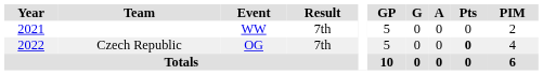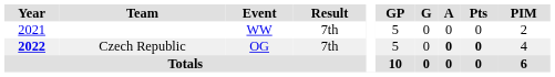 <table border="0" cellpadding="1" cellspacing="0" style="text-align:center; width:40em">
 <tr ALIGN="centre" bgcolor="#e0e0e0">
 <th>Year</th>
 <th>Team</th>
 <th>Event</th>
 <th>Result</th>
 <th rowspan="99" bgcolor="#ffffff"> </th>
 <th>GP</th>
 <th>G</th>
 <th>A</th>
 <th>Pts</th>
 <th>PIM</th>
 </tr>
 <tr>
 <td><a href='#'>2021</a></td>
 <td></td>
 <td><a href='#'>WW</a></td>
 <td>7th</td>
 <td>5</td>
 <td>0</td>
 <td>0</td>
 <td>0</td>
 <td>2</td>
 </tr>
 <tr bgcolor="#f0f0f0">
-<td><a href='#'>2022</a></td>
+<td><strong><a href='#'>2022</a></strong></td>
 <td>Czech Republic</td>
 <td><a href='#'>OG</a></td>
 <td>7th</td>
 <td>5</td>
 <td>0</td>
-<td>0</td>
+<td><strong>0</strong></td>
 <td><strong>0</strong></td>
 <td>4</td>
 </tr>
 <tr ALIGN="centre" bgcolor="#e0e0e0">
 <th colspan=4>Totals</th>
 <th>10</th>
 <th>0</th>
 <th>0</th>
 <th>0</th>
 <th>6</th>
 </tr>
 </table>
